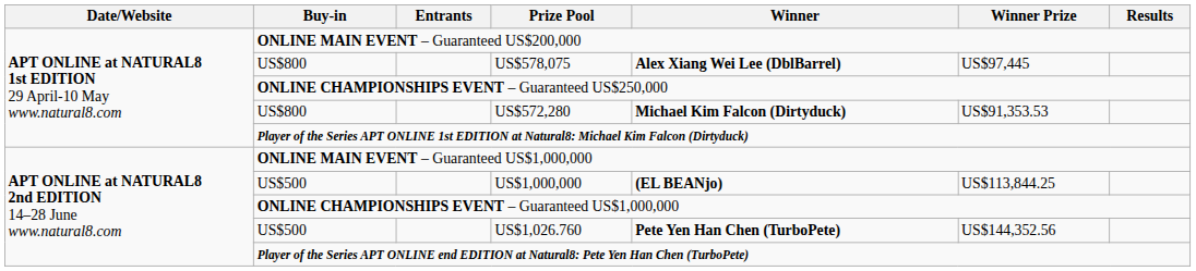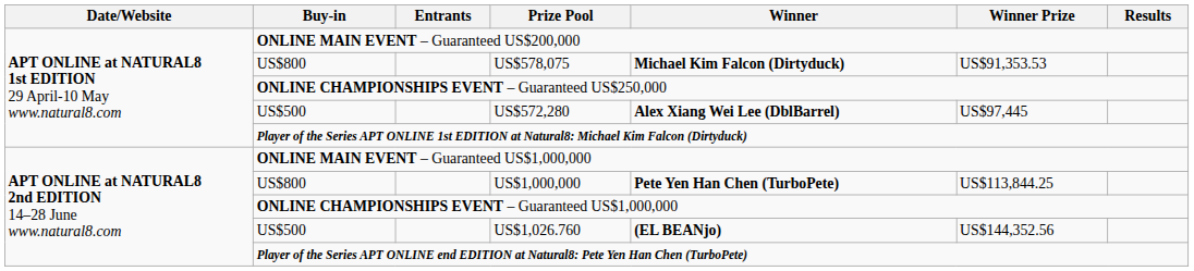 <table class="wikitable" width="100%">
 <tr>
 <th width="21%">Date/Website</th>
 <th width="12%">Buy-in</th>
 <th !width="11%">Entrants</th>
 <th !width="14%">Prize Pool</th>
 <th !width="18%">Winner</th>
 <th !width="14%">Winner Prize</th>
 <th !width="11%">Results</th>
 </tr>
 <tr>
 <td rowspan="5"><strong>APT ONLINE at NATURAL8<br>1st EDITION</strong><br>29 April-10 May<br><em>www.natural8.com</em><br></td>
 <td colspan="6"><strong>ONLINE MAIN EVENT</strong> – Guaranteed US$200,000</td>
 </tr>
 <tr>
 <td>US$800</td>
 <td></td>
 <td>US$578,075</td>
-<td> <strong>Alex Xiang Wei Lee (DblBarrel)</strong></td>
-<td>US$97,445</td>
+<td> <strong>Michael Kim Falcon (Dirtyduck)</strong></td>
+<td>US$91,353.53</td>
 <td></td>
 </tr>
 <tr>
 <td colspan="6"><strong>ONLINE CHAMPIONSHIPS EVENT</strong> – Guaranteed US$250,000</td>
 </tr>
 <tr>
-<td>US$800</td>
+<td>US$500</td>
 <td></td>
 <td>US$572,280</td>
-<td> <strong>Michael Kim Falcon (Dirtyduck)</strong></td>
-<td>US$91,353.53</td>
+<td> <strong>Alex Xiang Wei Lee (DblBarrel)</strong></td>
+<td>US$97,445</td>
 <td></td>
 </tr>
 <tr>
 <td colspan="6"><small><strong><em>Player of the Series<strong> APT ONLINE 1st EDITION at Natural8:  </strong>Michael Kim Falcon (Dirtyduck)</em></strong></small></td>
 </tr>
 <tr>
 <td rowspan="5"><strong>APT ONLINE at NATURAL8<br>2nd EDITION</strong><br>14–28 June<br><em>www.natural8.com</em><br></td>
 <td colspan="6"><strong>ONLINE MAIN EVENT</strong> – Guaranteed US$1,000,000</td>
 </tr>
 <tr>
-<td>US$500</td>
+<td>US$800</td>
 <td></td>
 <td>US$1,000,000</td>
-<td> <strong>(EL BEANjo)</strong></td>
+<td> <strong>Pete Yen Han Chen (TurboPete)</strong></td>
 <td>US$113,844.25</td>
 <td></td>
 </tr>
 <tr>
 <td colspan="6"><strong>ONLINE CHAMPIONSHIPS EVENT</strong> – Guaranteed US$1,000,000</td>
 </tr>
 <tr>
 <td>US$500</td>
 <td></td>
 <td>US$1,026.760</td>
-<td> <strong>Pete Yen Han Chen (TurboPete)</strong></td>
+<td> <strong>(EL BEANjo)</strong></td>
 <td>US$144,352.56</td>
 <td></td>
 </tr>
 <tr>
 <td colspan="6"><small><strong><em>Player of the Series<strong> APT ONLINE end EDITION at Natural8:  </strong>Pete Yen Han Chen (TurboPete)</em></strong></small></td>
 </tr>
 </table>
